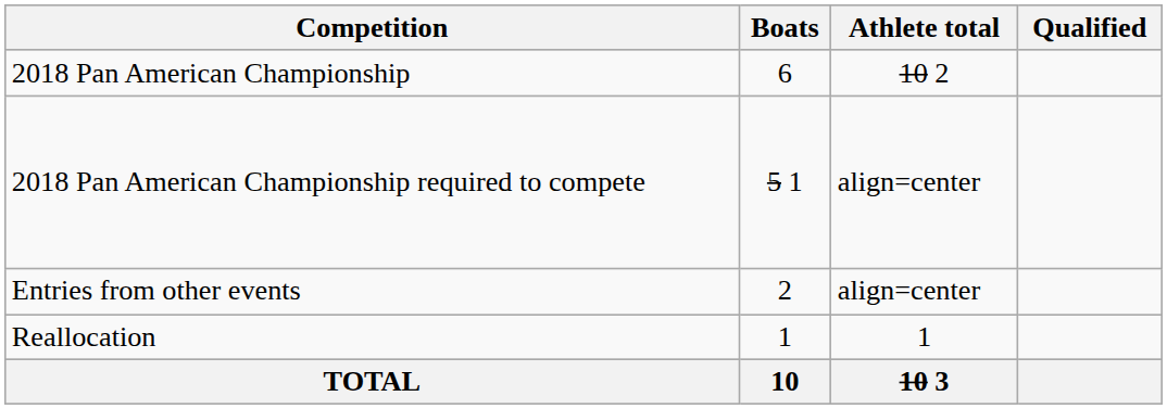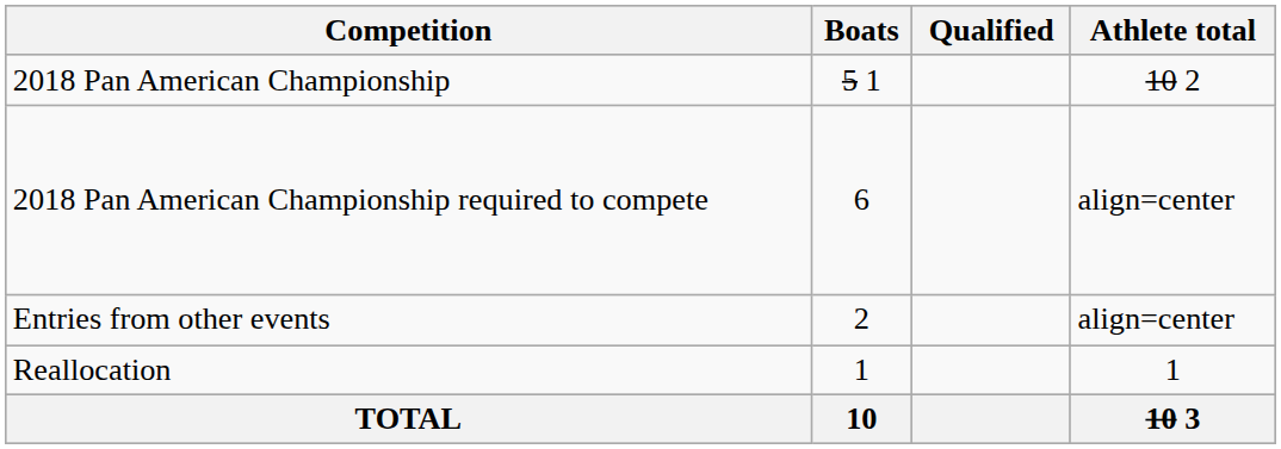 <table class="wikitable" width=650>
 <tr>
 <th>Competition</th>
 <th>Boats</th>
+<th>Qualified</th>
 <th>Athlete total</th>
-<th>Qualified</th>
 </tr>
 <tr>
 <td>2018 Pan American Championship</td>
-<td align=center>6</td>
+<td align=center><s>5</s> 1</td>
+<td><br><s></s></td>
 <td align=center><s>10</s> 2</td>
-<td><br><s></s></td>
 </tr>
 <tr>
 <td>2018 Pan American Championship required to compete</td>
-<td align=center><s>5</s> 1</td>
+<td align=center>6</td>
+<td><br><br><br><br><br></td>
 <td>align=center </td>
-<td><br><br><br><br><br></td>
 </tr>
 <tr>
 <td>Entries from other events</td>
 <td align=center>2</td>
+<td><br></td>
 <td>align=center </td>
-<td><br></td>
 </tr>
 <tr>
 <td>Reallocation</td>
 <td align=center>1</td>
+<td></td>
 <td align=center>1</td>
-<td></td>
 </tr>
 <tr>
 <th>TOTAL</th>
 <th>10</th>
+<th></th>
 <th><s>10</s> 3</th>
-<th></th>
 </tr>
 </table>
